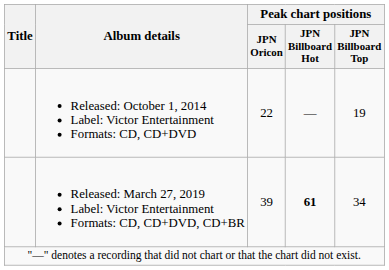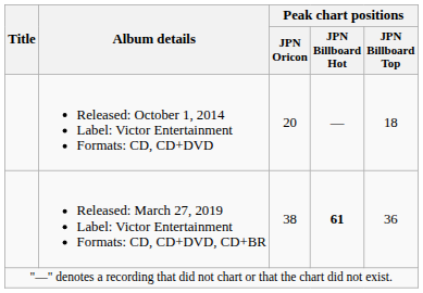 <table class="wikitable">
 <tr>
 <th rowspan="2">Title</th>
 <th rowspan="2">Album details</th>
 <th colspan="3">Peak chart positions</th>
 </tr>
 <tr>
 <th style="width:3em;font-size:85%;">JPN<wbr>Oricon<wbr></th>
 <th style="width:3em;font-size:85%;">JPN<wbr>Billboard<wbr>Hot<wbr></th>
 <th style="width:3em;font-size:85%;">JPN<wbr>Billboard<wbr>Top<wbr></th>
 </tr>
 <tr>
 <td></td>
 <td><br><ul><li>Released: October 1, 2014</li><li>Label: Victor Entertainment</li><li>Formats: CD, CD+DVD</li></ul></td>
-<td align="center">22</td>
+<td align="center">20</td>
 <td align="center">—</td>
-<td align="center">19</td>
+<td align="center">18</td>
 </tr>
 <tr>
 <td></td>
 <td><br><ul><li>Released: March 27, 2019</li><li>Label: Victor Entertainment</li><li>Formats: CD, CD+DVD, CD+BR</li></ul></td>
-<td align="center">39</td>
+<td align="center">38</td>
 <td align="center"><strong>61</strong></td>
-<td align="center">34</td>
+<td align="center">36</td>
 </tr>
 <tr>
 <td align="center" colspan="5" style="font-size:90%">"—" denotes a recording that did not chart or that the chart did not exist.</td>
 </tr>
 </table>
